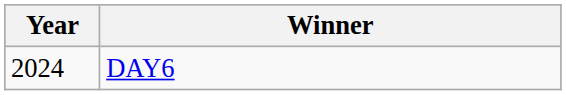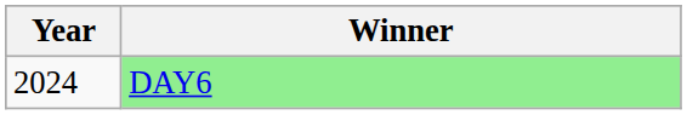 <table class="wikitable">
 <tr align=center>
 <th style="width:50px">Year</th>
 <th style="width:270px">Winner</th>
 </tr>
 <tr>
 <td rowspan="2">2024</td>
-<td><a href='#'>DAY6</a></td>
+<td style="background: lightgreen;"><a href='#'>DAY6</a></td>
 </tr>
 </table>
